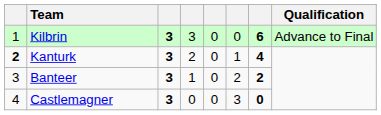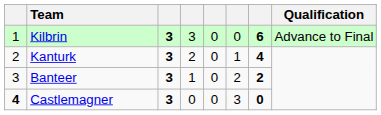 <table class="wikitable" style="text-align:center">
 <tr>
 <th width="20"></th>
 <th width="150" style="text-align:left;">Team</th>
 <th width="20"></th>
 <th width="20"></th>
 <th width="20"></th>
 <th width="20"></th>
 <th width="20"></th>
 <th>Qualification</th>
 </tr>
 <tr style="background:#ccffcc">
 <td>1</td>
 <td align="left"> <a href='#'>Kilbrin</a></td>
 <td><strong>3</strong></td>
 <td>3</td>
 <td>0</td>
 <td>0</td>
 <td><strong>6</strong></td>
 <td>Advance to Final</td>
 </tr>
 <tr>
-<td><strong>2</strong></td>
+<td>2</td>
 <td align="left"> <a href='#'>Kanturk</a></td>
 <td><strong>3</strong></td>
 <td>2</td>
 <td>0</td>
 <td>1</td>
 <td><strong>4</strong></td>
 <td rowspan="3"></td>
 </tr>
 <tr>
 <td>3</td>
 <td align="left"> <a href='#'>Banteer</a></td>
 <td><strong>3</strong></td>
 <td>1</td>
 <td>0</td>
 <td>2</td>
 <td><strong>2</strong></td>
 </tr>
 <tr>
-<td>4</td>
+<td><strong>4</strong></td>
 <td align="left"> <a href='#'>Castlemagner</a></td>
 <td><strong>3</strong></td>
 <td>0</td>
 <td>0</td>
 <td>3</td>
 <td><strong>0</strong></td>
 </tr>
 </table>
